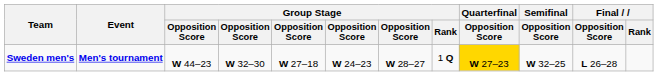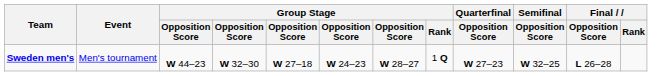 <table class="wikitable" style="font-size:90%">
 <tr>
 <th rowspan=2>Team</th>
 <th rowspan=2>Event</th>
 <th colspan=6>Group Stage</th>
 <th>Quarterfinal</th>
 <th>Semifinal</th>
 <th colspan=2>Final /  / </th>
 </tr>
 <tr style="font-size:95%">
 <th>Opposition<br>Score</th>
 <th>Opposition<br>Score</th>
 <th>Opposition<br>Score</th>
 <th>Opposition<br>Score</th>
 <th>Opposition<br>Score</th>
 <th>Rank</th>
 <th>Opposition<br>Score</th>
 <th>Opposition<br>Score</th>
 <th>Opposition<br>Score</th>
 <th>Rank</th>
 </tr>
 <tr align=center>
 <td align=left><strong><a href='#'>Sweden men's</a></strong></td>
-<td align=left><strong><a href='#'>Men's tournament</a></strong></td>
+<td align=left><a href='#'>Men's tournament</a></td>
 <td><br><strong>W</strong> 44–23</td>
 <td><br><strong>W</strong> 32–30</td>
 <td><br><strong>W</strong> 27–18</td>
 <td><br><strong>W</strong> 24–23</td>
 <td><br><strong>W</strong> 28–27</td>
 <td>1 <strong>Q</strong></td>
-<td style="background: gold;"><br><strong>W</strong> 27–23</td>
+<td><br><strong>W</strong> 27–23</td>
 <td><br><strong>W</strong> 32–25</td>
 <td><br><strong>L</strong> 26–28</td>
 <td></td>
 </tr>
 </table>
